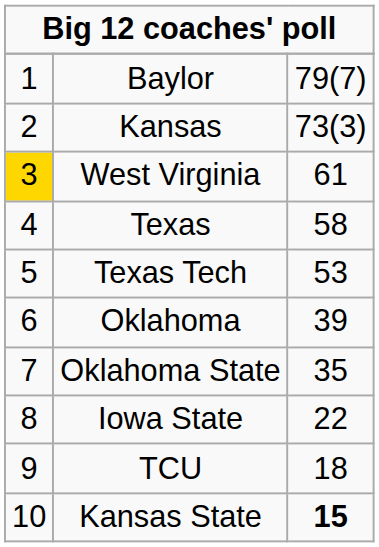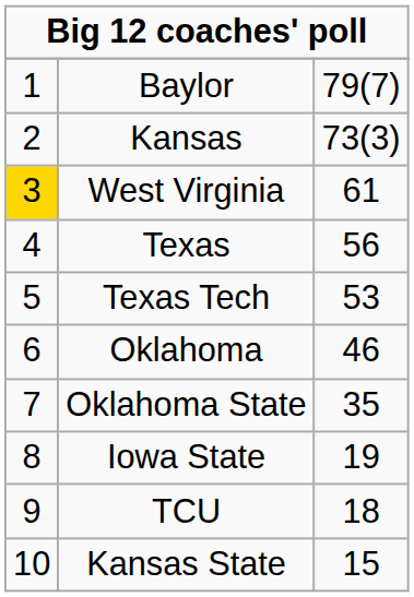 <table class="wikitable" style="display: inline-table;">
 <tr>
 <td align="center" Colspan="3"><strong>Big 12 coaches' poll</strong></td>
 </tr>
 <tr align="center">
 </tr>
 <tr align="center">
 <td>1</td>
 <td>Baylor</td>
 <td>79(7)</td>
 </tr>
 <tr align="center">
 <td>2</td>
 <td>Kansas</td>
 <td>73(3)</td>
 </tr>
 <tr align="center">
 <td style="background: gold;">3</td>
 <td>West Virginia</td>
 <td>61</td>
 </tr>
 <tr align="center">
 <td>4</td>
 <td>Texas</td>
-<td>58</td>
+<td>56</td>
 </tr>
 <tr align="center">
 <td>5</td>
 <td>Texas Tech</td>
 <td>53</td>
 </tr>
 <tr align="center">
 <td>6</td>
 <td>Oklahoma</td>
-<td>39</td>
+<td>46</td>
 </tr>
 <tr align="center">
 <td>7</td>
 <td>Oklahoma State</td>
 <td>35</td>
 </tr>
 <tr align="center">
 <td>8</td>
 <td>Iowa State</td>
-<td>22</td>
+<td>19</td>
 </tr>
 <tr align="center">
 <td>9</td>
 <td>TCU</td>
 <td>18</td>
 </tr>
 <tr align="center">
 <td>10</td>
 <td>Kansas State</td>
-<td><strong>15</strong></td>
+<td>15</td>
 </tr>
 </table>
